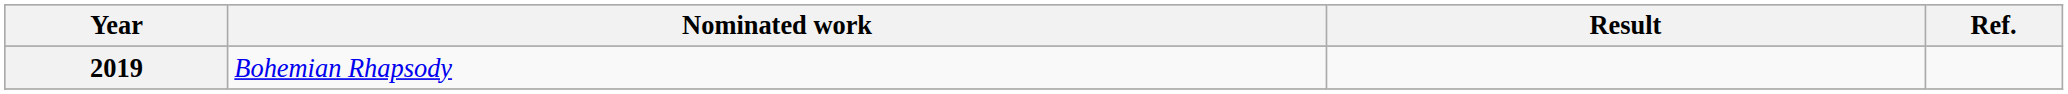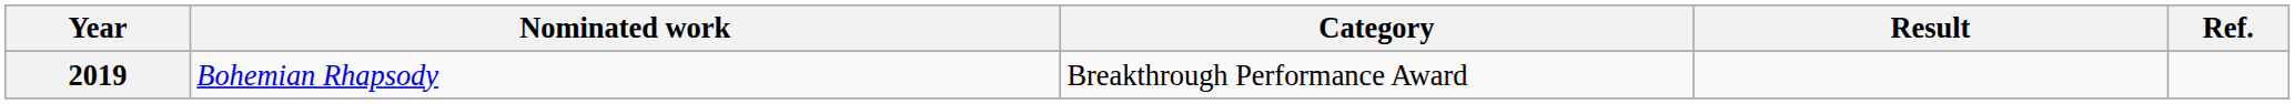 <table class="wikitable">
 <tr>
 <th width=2%>Year</th>
 <th width=11%>Nominated work</th>
+<th width=8%>Category</th>
 <th width=6%>Result</th>
 <th width=1%>Ref.</th>
 </tr>
 <tr>
 <th scope=row>2019</th>
 <td><em><a href='#'>Bohemian Rhapsody</a></em></td>
+<td>Breakthrough Performance Award</td>
 <td></td>
 <td style="text-align:center;"></td>
 </tr>
 </table>
